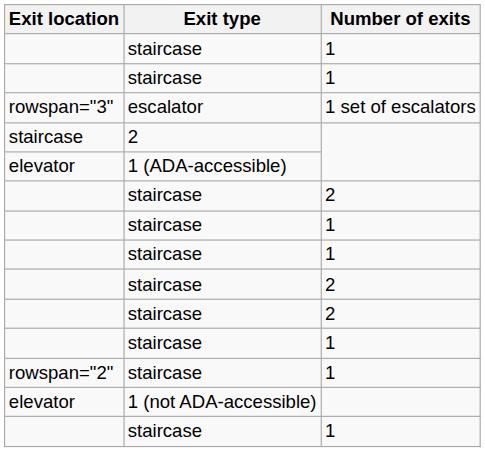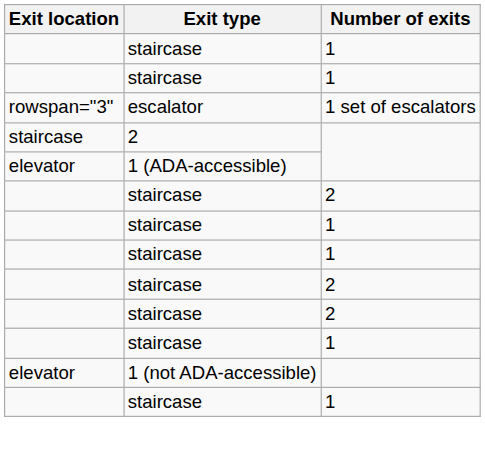 <table class="wikitable">
 <tr>
 <th>Exit location</th>
 <th>Exit type</th>
 <th>Number of exits</th>
 </tr>
 <tr>
 <td></td>
 <td>staircase</td>
 <td>1</td>
 </tr>
 <tr>
 <td></td>
 <td>staircase</td>
 <td>1</td>
 </tr>
 <tr>
 <td>rowspan="3" </td>
 <td>escalator</td>
 <td>1 set of escalators</td>
 </tr>
 <tr>
 <td>staircase</td>
 <td>2</td>
 </tr>
 <tr>
 <td>elevator </td>
 <td>1 (ADA-accessible)</td>
 </tr>
 <tr>
 <td></td>
 <td>staircase</td>
 <td>2</td>
 </tr>
 <tr>
 <td></td>
 <td>staircase</td>
 <td>1</td>
 </tr>
 <tr>
 <td></td>
 <td>staircase</td>
 <td>1</td>
 </tr>
 <tr>
 <td></td>
 <td>staircase</td>
 <td>2</td>
 </tr>
 <tr>
 <td></td>
 <td>staircase</td>
 <td>2</td>
 </tr>
 <tr>
 <td></td>
 <td>staircase</td>
 <td>1</td>
 </tr>
 <tr>
-<td>rowspan="2" </td>
-<td>staircase</td>
-<td>1</td>
-</tr>
-<tr>
 <td>elevator</td>
 <td>1 (not ADA-accessible)</td>
 </tr>
 <tr>
 <td></td>
 <td>staircase</td>
 <td>1</td>
 </tr>
 </table>
